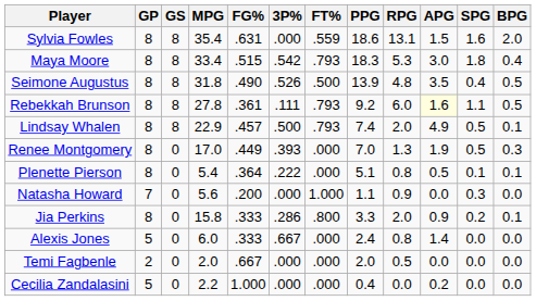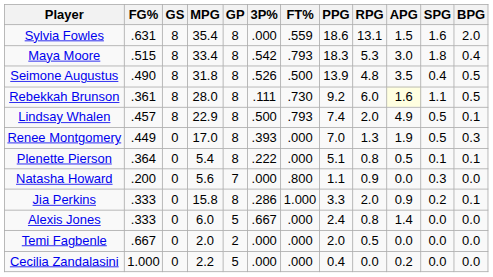 <table class="wikitable sortable" style="text-align:center;">
 <tr>
 <th>Player</th>
-<th>GP</th>
+<th>FG%</th>
 <th>GS</th>
 <th>MPG</th>
-<th>FG%</th>
+<th>GP</th>
 <th>3P%</th>
 <th>FT%</th>
 <th>PPG</th>
 <th>RPG</th>
 <th>APG</th>
 <th>SPG</th>
 <th>BPG</th>
 </tr>
 <tr>
 <td><a href='#'>Sylvia Fowles</a></td>
-<td>8</td>
+<td>.631</td>
 <td>8</td>
 <td>35.4</td>
-<td>.631</td>
+<td>8</td>
 <td>.000</td>
 <td>.559</td>
 <td>18.6</td>
 <td>13.1</td>
 <td>1.5</td>
 <td>1.6</td>
 <td>2.0</td>
 </tr>
 <tr>
 <td><a href='#'>Maya Moore</a></td>
-<td>8</td>
+<td>.515</td>
 <td>8</td>
 <td>33.4</td>
-<td>.515</td>
+<td>8</td>
 <td>.542</td>
 <td>.793</td>
 <td>18.3</td>
 <td>5.3</td>
 <td>3.0</td>
 <td>1.8</td>
 <td>0.4</td>
 </tr>
 <tr>
 <td><a href='#'>Seimone Augustus</a></td>
-<td>8</td>
+<td>.490</td>
 <td>8</td>
 <td>31.8</td>
-<td>.490</td>
+<td>8</td>
 <td>.526</td>
 <td>.500</td>
 <td>13.9</td>
 <td>4.8</td>
 <td>3.5</td>
 <td>0.4</td>
 <td>0.5</td>
 </tr>
 <tr>
 <td><a href='#'>Rebekkah Brunson</a></td>
+<td>.361</td>
 <td>8</td>
+<td>28.0</td>
 <td>8</td>
-<td>27.8</td>
-<td>.361</td>
 <td>.111</td>
-<td>.793</td>
+<td>.730</td>
 <td>9.2</td>
 <td>6.0</td>
 <td style="background: lightyellow;">1.6</td>
 <td>1.1</td>
 <td>0.5</td>
 </tr>
 <tr>
 <td><a href='#'>Lindsay Whalen</a></td>
-<td>8</td>
+<td>.457</td>
 <td>8</td>
 <td>22.9</td>
-<td>.457</td>
+<td>8</td>
 <td>.500</td>
 <td>.793</td>
 <td>7.4</td>
 <td>2.0</td>
 <td>4.9</td>
 <td>0.5</td>
 <td>0.1</td>
 </tr>
 <tr>
 <td><a href='#'>Renee Montgomery</a></td>
-<td>8</td>
+<td>.449</td>
 <td>0</td>
 <td>17.0</td>
-<td>.449</td>
+<td>8</td>
 <td>.393</td>
 <td>.000</td>
 <td>7.0</td>
 <td>1.3</td>
 <td>1.9</td>
 <td>0.5</td>
 <td>0.3</td>
 </tr>
 <tr>
 <td><a href='#'>Plenette Pierson</a></td>
-<td>8</td>
+<td>.364</td>
 <td>0</td>
 <td>5.4</td>
-<td>.364</td>
+<td>8</td>
 <td>.222</td>
 <td>.000</td>
 <td>5.1</td>
 <td>0.8</td>
 <td>0.5</td>
 <td>0.1</td>
 <td>0.1</td>
 </tr>
 <tr>
 <td><a href='#'>Natasha Howard</a></td>
-<td>7</td>
+<td>.200</td>
 <td>0</td>
 <td>5.6</td>
-<td>.200</td>
+<td>7</td>
 <td>.000</td>
-<td>1.000</td>
+<td>.800</td>
 <td>1.1</td>
 <td>0.9</td>
 <td>0.0</td>
 <td>0.3</td>
 <td>0.0</td>
 </tr>
 <tr>
 <td><a href='#'>Jia Perkins</a></td>
-<td>8</td>
+<td>.333</td>
 <td>0</td>
 <td>15.8</td>
-<td>.333</td>
+<td>8</td>
 <td>.286</td>
-<td>.800</td>
+<td>1.000</td>
 <td>3.3</td>
 <td>2.0</td>
 <td>0.9</td>
 <td>0.2</td>
 <td>0.1</td>
 </tr>
 <tr>
 <td><a href='#'>Alexis Jones</a></td>
-<td>5</td>
+<td>.333</td>
 <td>0</td>
 <td>6.0</td>
-<td>.333</td>
+<td>5</td>
 <td>.667</td>
 <td>.000</td>
 <td>2.4</td>
 <td>0.8</td>
 <td>1.4</td>
 <td>0.0</td>
 <td>0.0</td>
 </tr>
 <tr>
 <td><a href='#'>Temi Fagbenle</a></td>
-<td>2</td>
+<td>.667</td>
 <td>0</td>
 <td>2.0</td>
-<td>.667</td>
+<td>2</td>
 <td>.000</td>
 <td>.000</td>
 <td>2.0</td>
 <td>0.5</td>
 <td>0.0</td>
 <td>0.0</td>
 <td>0.0</td>
 </tr>
 <tr>
 <td><a href='#'>Cecilia Zandalasini</a></td>
-<td>5</td>
+<td>1.000</td>
 <td>0</td>
 <td>2.2</td>
-<td>1.000</td>
+<td>5</td>
 <td>.000</td>
 <td>.000</td>
 <td>0.4</td>
 <td>0.0</td>
 <td>0.2</td>
 <td>0.0</td>
 <td>0.0</td>
 </tr>
 </table>
